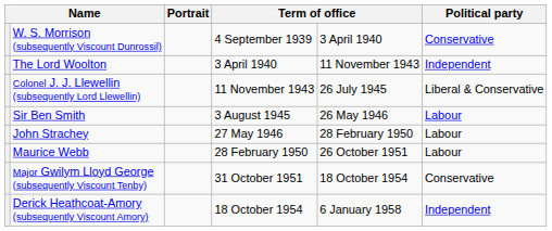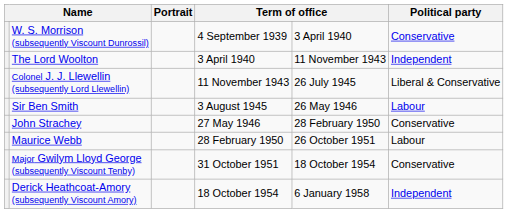 <table class="wikitable">
 <tr>
 <th colspan=2>Name</th>
 <th>Portrait</th>
 <th colspan=2>Term of office</th>
 <th>Political party</th>
 </tr>
 <tr>
 <th style="background-color: "></th>
 <td><a href='#'>W. S. Morrison<br><small>(subsequently Viscount Dunrossil)</small></a></td>
 <td></td>
 <td>4 September 1939</td>
 <td>3 April 1940</td>
 <td><a href='#'>Conservative</a></td>
 </tr>
 <tr>
 <th style="background-color: "></th>
 <td><a href='#'>The Lord Woolton</a></td>
 <td></td>
 <td>3 April 1940</td>
 <td>11 November 1943</td>
 <td><a href='#'>Independent</a></td>
 </tr>
 <tr>
 <th style="background-color: "></th>
 <td><a href='#'><small>Colonel</small> J. J. Llewellin<br><small>(subsequently Lord Llewellin)</small></a></td>
 <td></td>
 <td>11 November 1943</td>
 <td>26 July 1945</td>
 <td>Liberal & Conservative</td>
 </tr>
 <tr>
 <th style="background-color: "></th>
 <td><a href='#'>Sir Ben Smith</a></td>
 <td></td>
 <td>3 August 1945</td>
 <td>26 May 1946</td>
 <td><a href='#'>Labour</a></td>
 </tr>
 <tr>
 <th style="background-color: "></th>
 <td><a href='#'>John Strachey</a></td>
 <td></td>
 <td>27 May 1946</td>
 <td>28 February 1950</td>
-<td>Labour</td>
+<td>Conservative</td>
 </tr>
 <tr>
 <th style="background-color: "></th>
 <td><a href='#'>Maurice Webb</a></td>
 <td><br></td>
 <td>28 February 1950</td>
 <td>26 October 1951</td>
 <td>Labour</td>
 </tr>
 <tr>
 <th style="background-color: "></th>
 <td><a href='#'><small>Major</small> Gwilym Lloyd George<br><small>(subsequently Viscount Tenby)</small></a></td>
 <td></td>
 <td>31 October 1951</td>
 <td>18 October 1954</td>
 <td>Conservative</td>
 </tr>
 <tr>
 <th style="background-color: "></th>
 <td><a href='#'>Derick Heathcoat-Amory<br><small>(subsequently Viscount Amory)</small></a></td>
 <td></td>
 <td>18 October 1954</td>
 <td>6 January 1958</td>
 <td><a href='#'>Independent</a></td>
 </tr>
 </table>
